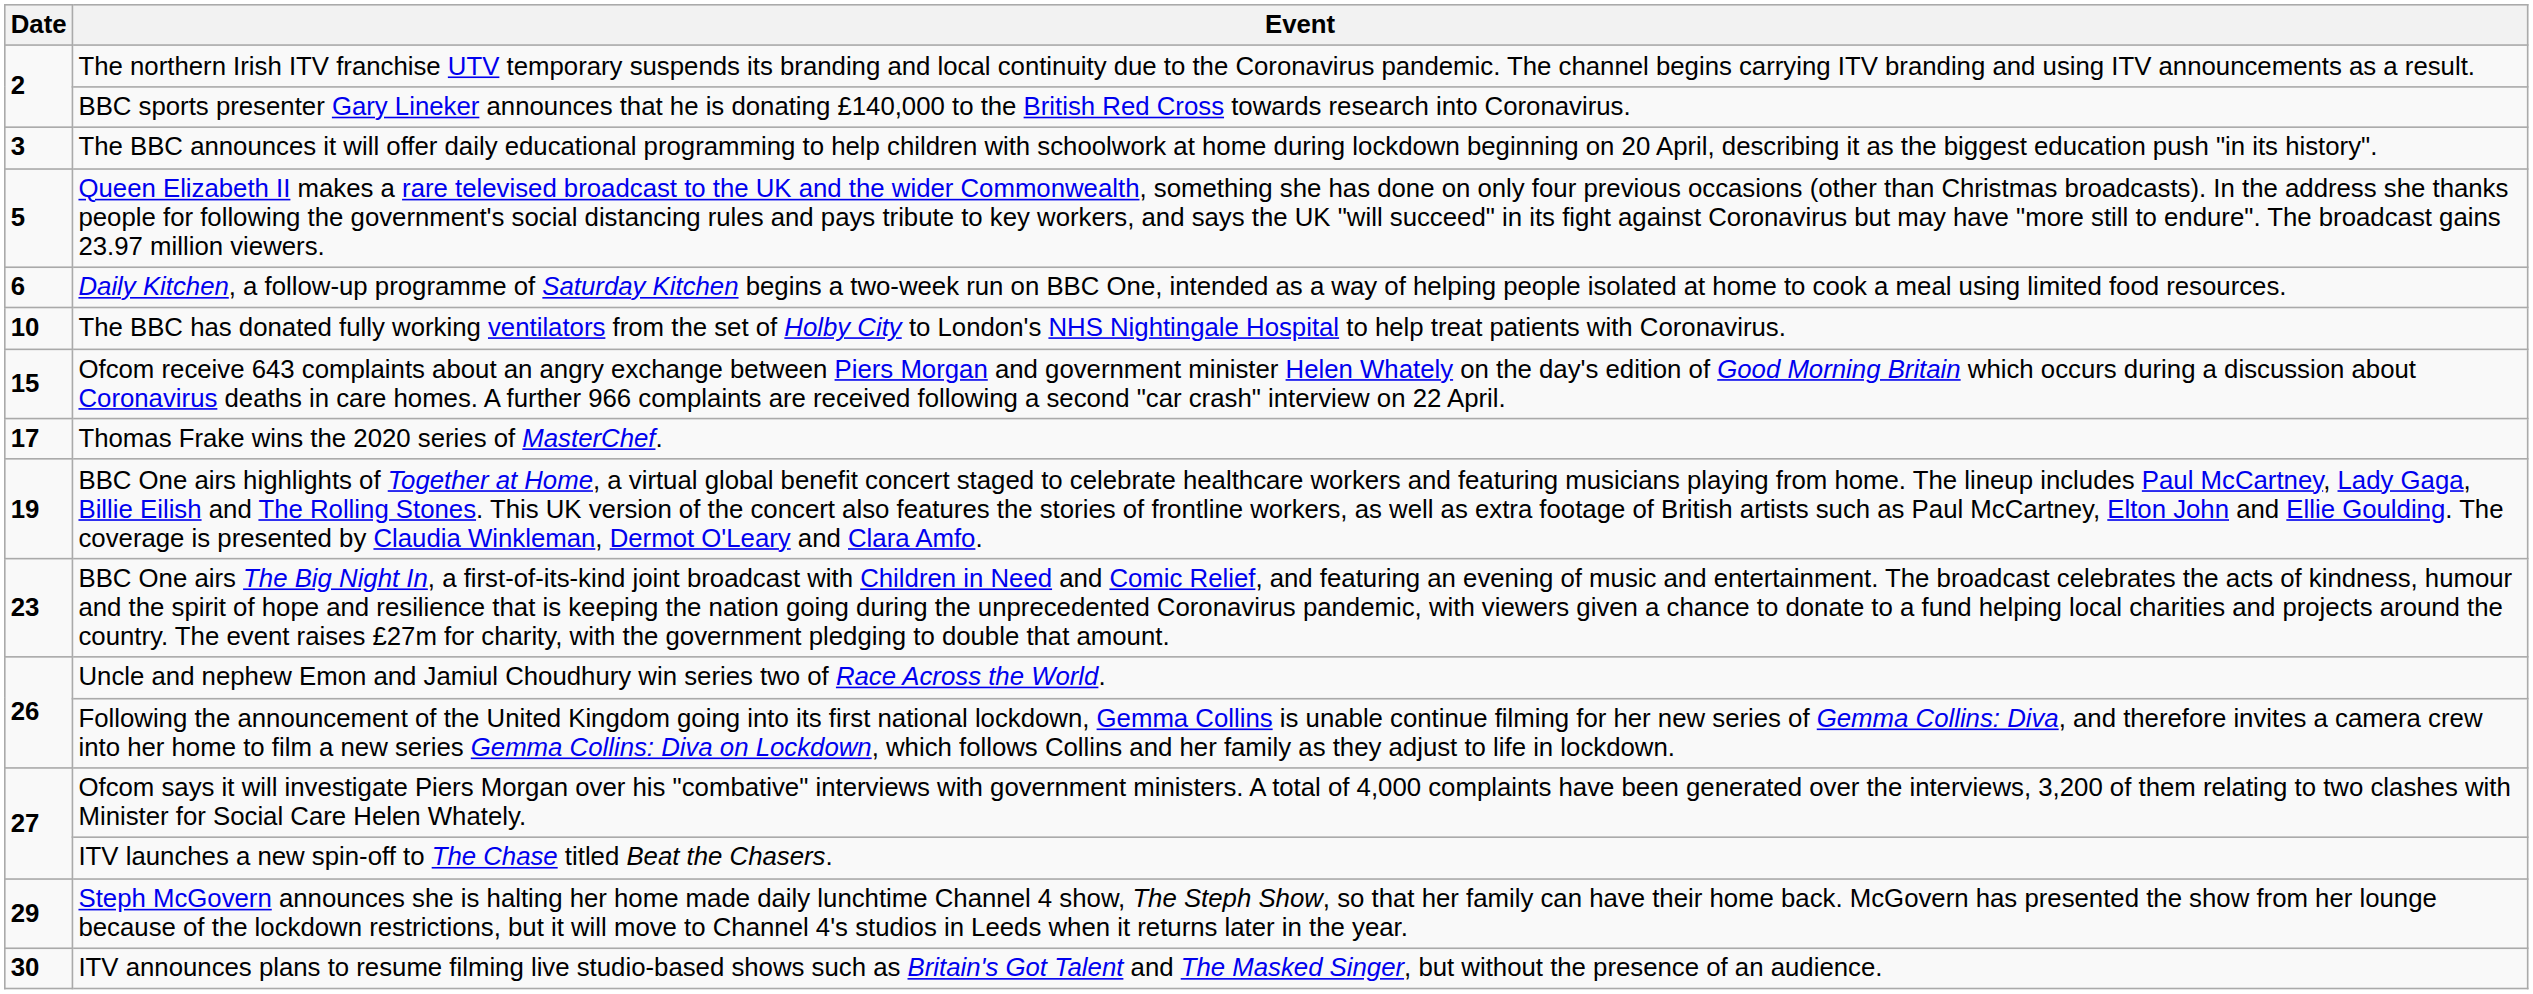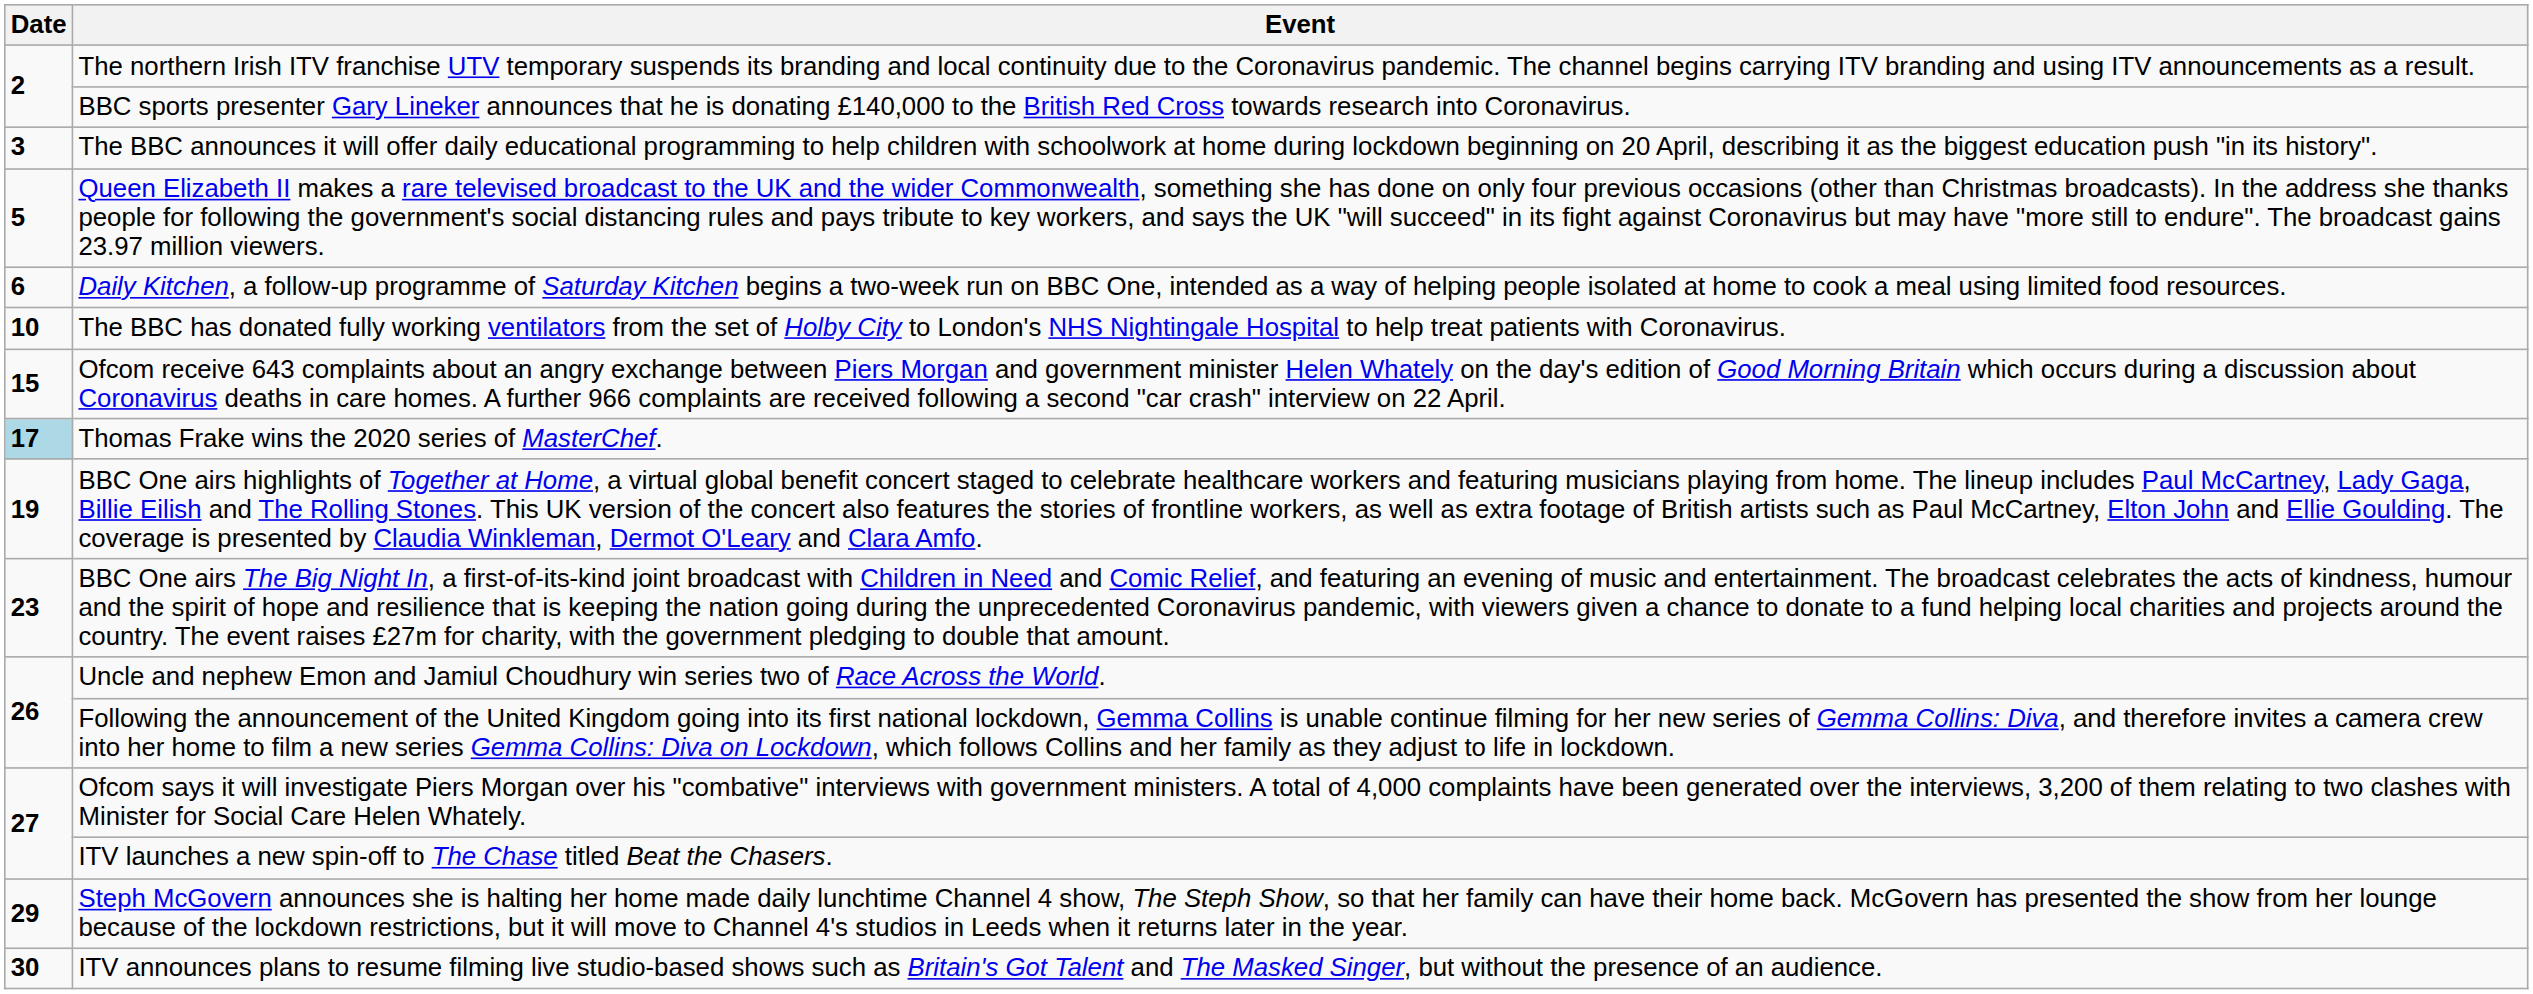 <table class="wikitable">
 <tr>
 <th>Date</th>
 <th>Event</th>
 </tr>
 <tr>
 <td rowspan=2><strong>2</strong></td>
 <td>The northern Irish ITV franchise <a href='#'>UTV</a> temporary suspends its branding and local continuity due to the Coronavirus pandemic. The channel begins carrying ITV branding and using ITV announcements as a result.</td>
 </tr>
 <tr>
 <td>BBC sports presenter <a href='#'>Gary Lineker</a> announces that he is donating £140,000 to the <a href='#'>British Red Cross</a> towards research into Coronavirus.</td>
 </tr>
 <tr>
 <td><strong>3</strong></td>
 <td>The BBC announces it will offer daily educational programming to help children with schoolwork at home during lockdown beginning on 20 April, describing it as the biggest education push "in its history".</td>
 </tr>
 <tr>
 <td><strong>5</strong></td>
 <td><a href='#'>Queen Elizabeth II</a> makes a <a href='#'>rare televised broadcast to the UK and the wider Commonwealth</a>, something she has done on only four previous occasions (other than Christmas broadcasts). In the address she thanks people for following the government's social distancing rules and pays tribute to key workers, and says the UK "will succeed" in its fight against Coronavirus but may have "more still to endure". The broadcast gains 23.97 million viewers.</td>
 </tr>
 <tr>
 <td><strong>6</strong></td>
 <td><em><a href='#'>Daily Kitchen</a></em>, a follow-up programme of <em><a href='#'>Saturday Kitchen</a></em> begins a two-week run on BBC One, intended as a way of helping people isolated at home to cook a meal using limited food resources.</td>
 </tr>
 <tr>
 <td><strong>10</strong></td>
 <td>The BBC has donated fully working <a href='#'>ventilators</a> from the set of <em><a href='#'>Holby City</a></em> to London's <a href='#'>NHS Nightingale Hospital</a> to help treat patients with Coronavirus.</td>
 </tr>
 <tr>
 <td><strong>15</strong></td>
 <td>Ofcom receive 643 complaints about an angry exchange between <a href='#'>Piers Morgan</a> and government minister <a href='#'>Helen Whately</a> on the day's edition of <em><a href='#'>Good Morning Britain</a></em> which occurs during a discussion about <a href='#'>Coronavirus</a> deaths in care homes. A further 966 complaints are received following a second "car crash" interview on 22 April.</td>
 </tr>
 <tr>
-<td><strong>17</strong></td>
+<td style="background: lightblue;"><strong>17</strong></td>
 <td>Thomas Frake wins the 2020 series of <em><a href='#'>MasterChef</a></em>.</td>
 </tr>
 <tr>
 <td><strong>19</strong></td>
 <td>BBC One airs highlights of <em><a href='#'>Together at Home</a></em>, a virtual global benefit concert staged to celebrate healthcare workers and featuring musicians playing from home. The lineup includes <a href='#'>Paul McCartney</a>, <a href='#'>Lady Gaga</a>, <a href='#'>Billie Eilish</a> and <a href='#'>The Rolling Stones</a>. This UK version of the concert also features the stories of frontline workers, as well as extra footage of British artists such as Paul McCartney, <a href='#'>Elton John</a> and <a href='#'>Ellie Goulding</a>. The coverage is presented by <a href='#'>Claudia Winkleman</a>, <a href='#'>Dermot O'Leary</a> and <a href='#'>Clara Amfo</a>.</td>
 </tr>
 <tr>
 <td><strong>23</strong></td>
 <td>BBC One airs <em><a href='#'>The Big Night In</a></em>, a first-of-its-kind joint broadcast with <a href='#'>Children in Need</a> and <a href='#'>Comic Relief</a>, and featuring an evening of music and entertainment. The broadcast celebrates the acts of kindness, humour and the spirit of hope and resilience that is keeping the nation going during the unprecedented Coronavirus pandemic, with viewers given a chance to donate to a fund helping local charities and projects around the country. The event raises £27m for charity, with the government pledging to double that amount.</td>
 </tr>
 <tr>
 <td rowspan="2"><strong>26</strong></td>
 <td>Uncle and nephew Emon and Jamiul Choudhury win series two of <em><a href='#'>Race Across the World</a></em>.</td>
 </tr>
 <tr>
 <td>Following the announcement of the United Kingdom going into its first national lockdown, <a href='#'>Gemma Collins</a> is unable continue filming for her new series of <em><a href='#'>Gemma Collins: Diva</a></em>, and therefore invites a camera crew into her home to film a new series <em><a href='#'>Gemma Collins: Diva on Lockdown</a></em>, which follows Collins and her family as they adjust to life in lockdown.</td>
 </tr>
 <tr>
 <td rowspan="2"><strong>27</strong></td>
 <td>Ofcom says it will investigate Piers Morgan over his "combative" interviews with government ministers. A total of 4,000 complaints have been generated over the interviews, 3,200 of them relating to two clashes with Minister for Social Care Helen Whately.</td>
 </tr>
 <tr>
 <td>ITV launches a new spin-off to <em><a href='#'>The Chase</a></em> titled <em>Beat the Chasers</em>.</td>
 </tr>
 <tr>
 <td><strong>29</strong></td>
 <td><a href='#'>Steph McGovern</a> announces she is halting her home made daily lunchtime Channel 4 show, <em>The Steph Show</em>, so that her family can have their home back. McGovern has presented the show from her lounge because of the lockdown restrictions, but it will move to Channel 4's studios in Leeds when it returns later in the year.</td>
 </tr>
 <tr>
 <td><strong>30</strong></td>
 <td>ITV announces plans to resume filming live studio-based shows such as <em><a href='#'>Britain's Got Talent</a></em> and <em><a href='#'>The Masked Singer</a></em>, but without the presence of an audience.</td>
 </tr>
 </table>
